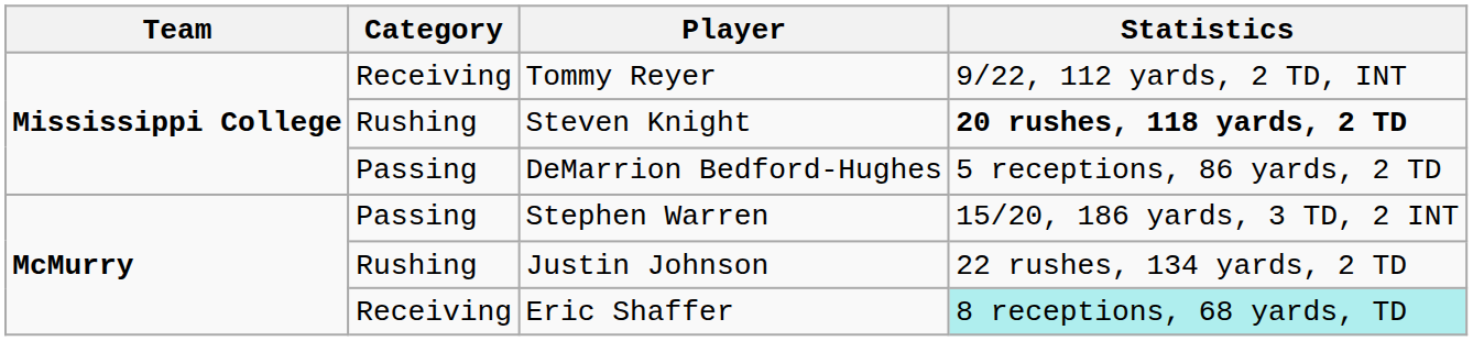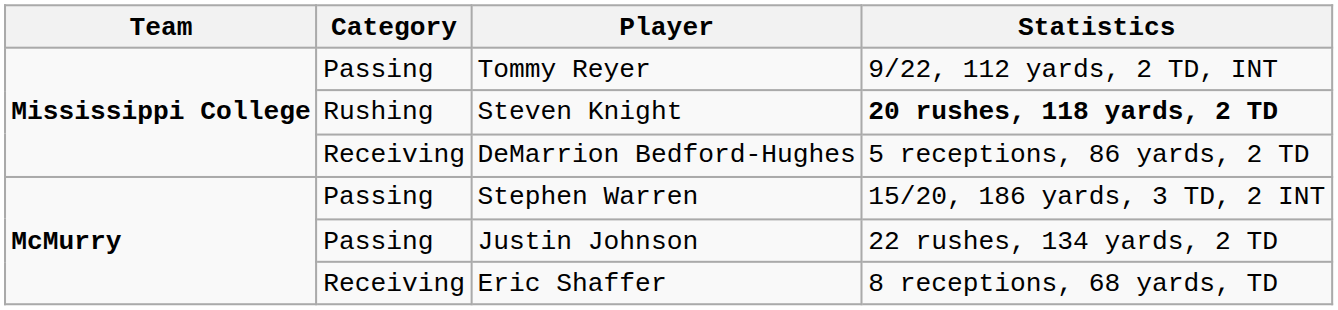 <table class="wikitable" style="float: left;">
 <tr>
 <th>Team</th>
 <th>Category</th>
 <th>Player</th>
 <th>Statistics</th>
 </tr>
 <tr>
 <td rowspan=3><strong>Mississippi College</strong></td>
-<td>Receiving</td>
+<td>Passing</td>
 <td>Tommy Reyer</td>
 <td>9/22, 112 yards, 2 TD, INT</td>
 </tr>
 <tr>
 <td>Rushing</td>
 <td>Steven Knight</td>
 <td><strong>20 rushes, 118 yards, 2 TD</strong></td>
 </tr>
 <tr>
-<td>Passing</td>
+<td>Receiving</td>
 <td>DeMarrion Bedford-Hughes</td>
 <td>5 receptions, 86 yards, 2 TD</td>
 </tr>
 <tr>
 <td rowspan=3><strong>McMurry</strong></td>
 <td>Passing</td>
 <td>Stephen Warren</td>
 <td>15/20, 186 yards, 3 TD, 2 INT</td>
 </tr>
 <tr>
-<td>Rushing</td>
+<td>Passing</td>
 <td>Justin Johnson</td>
 <td>22 rushes, 134 yards, 2 TD</td>
 </tr>
 <tr>
 <td>Receiving</td>
 <td>Eric Shaffer</td>
-<td style="background: paleturquoise;">8 receptions, 68 yards, TD</td>
+<td>8 receptions, 68 yards, TD</td>
 </tr>
 </table>
